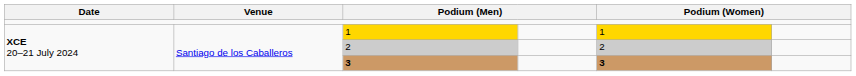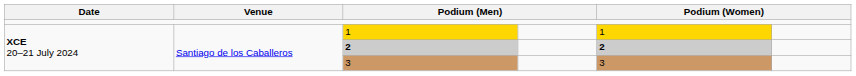 <table class="wikitable" width=70%>
 <tr>
 <th>Date</th>
 <th width=20%>Venue</th>
 <th colspan=2 width=30%>Podium (Men)</th>
 <th colspan=2 width=30%>Podium (Women)</th>
 </tr>
 <tr>
 <td colspan=6></td>
 </tr>
 <tr>
 <td rowspan=3><strong>XCE</strong> <br> 20–21 July 2024</td>
 <td rowspan=3><br><a href='#'>Santiago de los Caballeros</a></td>
 <td bgcolor=FFD700>1</td>
 <td></td>
 <td bgcolor=FFD700>1</td>
 <td></td>
 </tr>
 <tr>
-<td bgcolor=CCCCCC>2</td>
+<td bgcolor=CCCCCC><strong>2</strong></td>
 <td></td>
-<td bgcolor=CCCCCC>2</td>
+<td bgcolor=CCCCCC><strong>2</strong></td>
 <td></td>
 </tr>
 <tr>
-<td bgcolor=CC9966><strong>3</strong></td>
+<td bgcolor=CC9966>3</td>
 <td></td>
-<td bgcolor=CC9966><strong>3</strong></td>
+<td bgcolor=CC9966>3</td>
 <td></td>
 </tr>
 </table>
